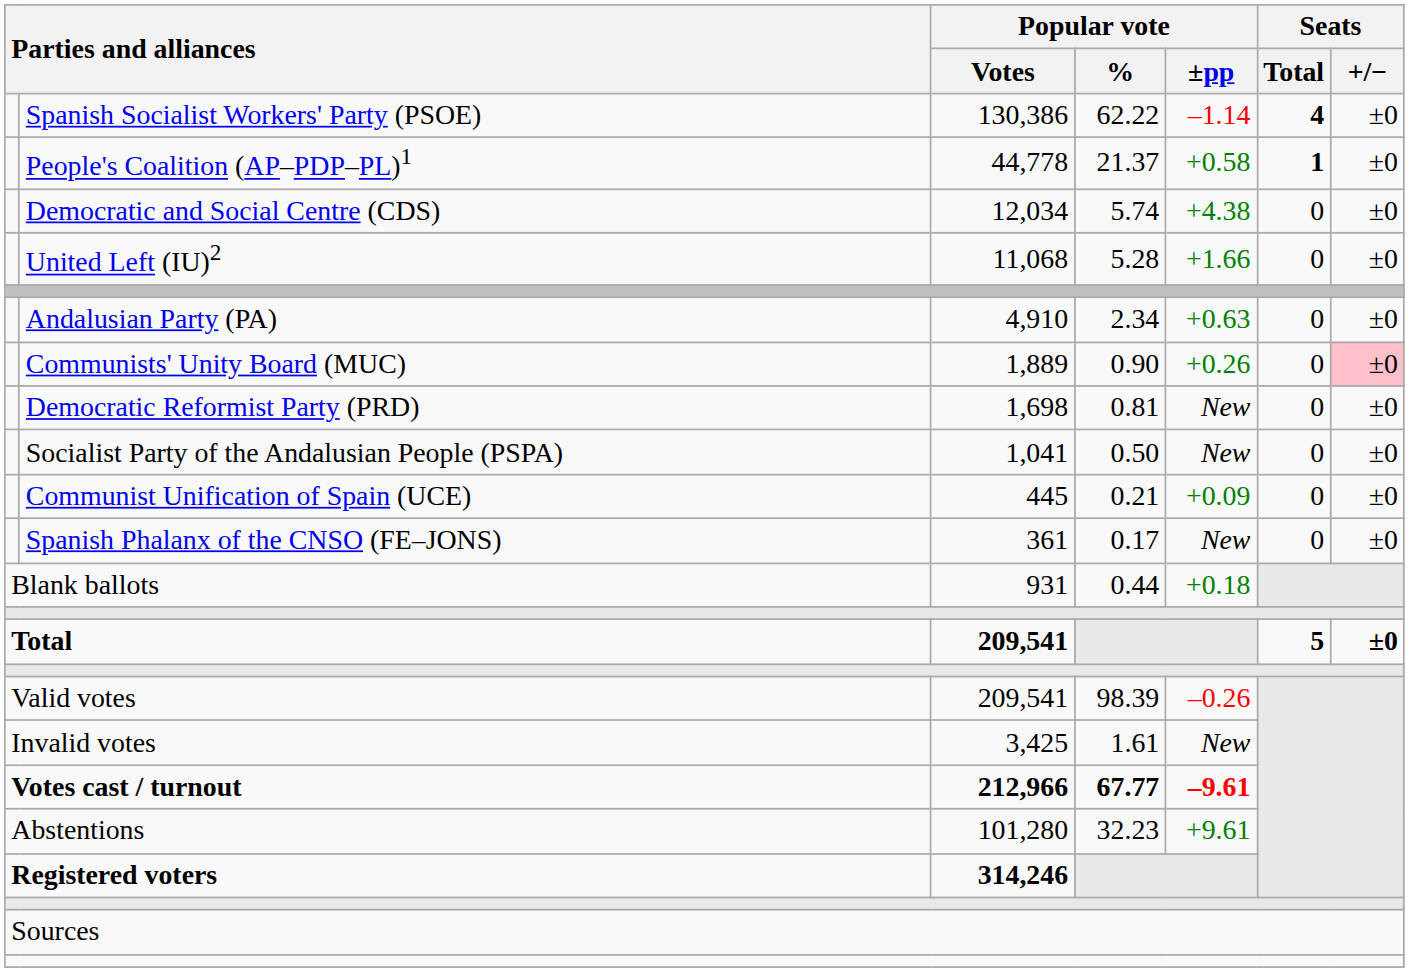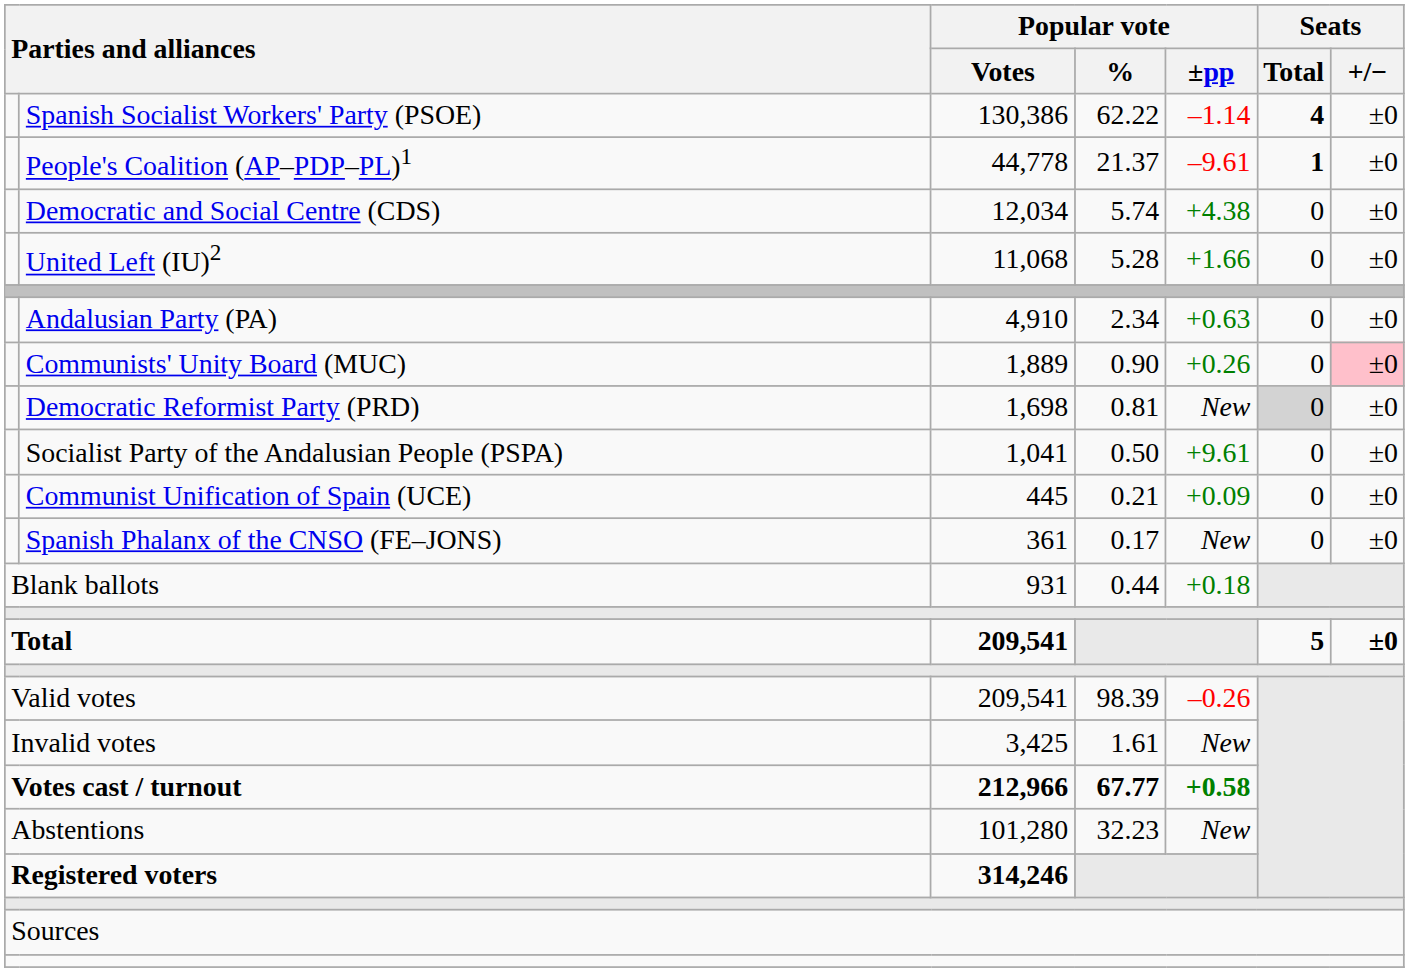 <table class="wikitable" style="text-align:right;">
 <tr>
 <th style="text-align:left;" rowspan="2" colspan="2" width="525">Parties and alliances</th>
 <th colspan="3">Popular vote</th>
 <th colspan="2">Seats</th>
 </tr>
 <tr>
 <th width="75">Votes</th>
 <th width="45">%</th>
 <th width="45">±<a href='#'>pp</a></th>
 <th width="35">Total</th>
 <th width="35">+/−</th>
 </tr>
 <tr>
 <td width="1" style="color:inherit;background:"></td>
 <td align="left"><a href='#'>Spanish Socialist Workers' Party</a> (PSOE)</td>
 <td>130,386</td>
 <td>62.22</td>
 <td style="color:red;">–1.14</td>
 <td><strong>4</strong></td>
 <td>±0</td>
 </tr>
 <tr>
 <td style="color:inherit;background:"></td>
 <td align="left"><a href='#'>People's Coalition</a> (<a href='#'>AP</a>–<a href='#'>PDP</a>–<a href='#'>PL</a>)<sup>1</sup></td>
 <td>44,778</td>
 <td>21.37</td>
-<td style="color:green;">+0.58</td>
+<td style="color:red;">–9.61</td>
 <td><strong>1</strong></td>
 <td>±0</td>
 </tr>
 <tr>
 <td style="color:inherit;background:"></td>
 <td align="left"><a href='#'>Democratic and Social Centre</a> (CDS)</td>
 <td>12,034</td>
 <td>5.74</td>
 <td style="color:green;">+4.38</td>
 <td>0</td>
 <td>±0</td>
 </tr>
 <tr>
 <td style="color:inherit;background:"></td>
 <td align="left"><a href='#'>United Left</a> (IU)<sup>2</sup></td>
 <td>11,068</td>
 <td>5.28</td>
 <td style="color:green;">+1.66</td>
 <td>0</td>
 <td>±0</td>
 </tr>
 <tr>
 <td colspan="7" bgcolor="#C0C0C0"></td>
 </tr>
 <tr>
 <td style="color:inherit;background:"></td>
 <td align="left"><a href='#'>Andalusian Party</a> (PA)</td>
 <td>4,910</td>
 <td>2.34</td>
 <td style="color:green;">+0.63</td>
 <td>0</td>
 <td>±0</td>
 </tr>
 <tr>
 <td style="color:inherit;background:"></td>
 <td align="left"><a href='#'>Communists' Unity Board</a> (MUC)</td>
 <td>1,889</td>
 <td>0.90</td>
 <td style="color:green;">+0.26</td>
 <td>0</td>
 <td style="background: pink;">±0</td>
 </tr>
 <tr>
 <td style="color:inherit;background:"></td>
 <td align="left"><a href='#'>Democratic Reformist Party</a> (PRD)</td>
 <td>1,698</td>
 <td>0.81</td>
 <td><em>New</em></td>
-<td>0</td>
+<td style="background: lightgrey;">0</td>
 <td>±0</td>
 </tr>
 <tr>
 <td style="color:inherit;background:"></td>
 <td align="left">Socialist Party of the Andalusian People (PSPA)</td>
 <td>1,041</td>
 <td>0.50</td>
-<td><em>New</em></td>
+<td style="color:green;">+9.61</td>
 <td>0</td>
 <td>±0</td>
 </tr>
 <tr>
 <td style="color:inherit;background:"></td>
 <td align="left"><a href='#'>Communist Unification of Spain</a> (UCE)</td>
 <td>445</td>
 <td>0.21</td>
 <td style="color:green;">+0.09</td>
 <td>0</td>
 <td>±0</td>
 </tr>
 <tr>
 <td style="color:inherit;background:"></td>
 <td align="left"><a href='#'>Spanish Phalanx of the CNSO</a> (FE–JONS)</td>
 <td>361</td>
 <td>0.17</td>
 <td><em>New</em></td>
 <td>0</td>
 <td>±0</td>
 </tr>
 <tr>
 <td align="left" colspan="2">Blank ballots</td>
 <td>931</td>
 <td>0.44</td>
 <td style="color:green;">+0.18</td>
 <td bgcolor="#E9E9E9" colspan="2"></td>
 </tr>
 <tr>
 <td colspan="7" bgcolor="#E9E9E9"></td>
 </tr>
 <tr style="font-weight:bold;">
 <td align="left" colspan="2">Total</td>
 <td>209,541</td>
 <td bgcolor="#E9E9E9" colspan="2"></td>
 <td>5</td>
 <td>±0</td>
 </tr>
 <tr>
 <td colspan="7" bgcolor="#E9E9E9"></td>
 </tr>
 <tr>
 <td align="left" colspan="2">Valid votes</td>
 <td>209,541</td>
 <td>98.39</td>
 <td style="color:red;">–0.26</td>
 <td bgcolor="#E9E9E9" colspan="2" rowspan="5"></td>
 </tr>
 <tr>
 <td align="left" colspan="2">Invalid votes</td>
 <td>3,425</td>
 <td>1.61</td>
 <td><em>New</em></td>
 </tr>
 <tr style="font-weight:bold;">
 <td align="left" colspan="2">Votes cast / turnout</td>
 <td>212,966</td>
 <td>67.77</td>
-<td style="color:red;">–9.61</td>
+<td style="color:green;">+0.58</td>
 </tr>
 <tr>
 <td align="left" colspan="2">Abstentions</td>
 <td>101,280</td>
 <td>32.23</td>
-<td style="color:green;">+9.61</td>
+<td><em>New</em></td>
 </tr>
 <tr style="font-weight:bold;">
 <td align="left" colspan="2">Registered voters</td>
 <td>314,246</td>
 <td bgcolor="#E9E9E9" colspan="2"></td>
 </tr>
 <tr>
 <td colspan="7" bgcolor="#E9E9E9"></td>
 </tr>
 <tr>
 <td align="left" colspan="7">Sources</td>
 </tr>
 <tr>
 <td colspan="7" style="text-align:left; max-width:790px;"></td>
 </tr>
 </table>
